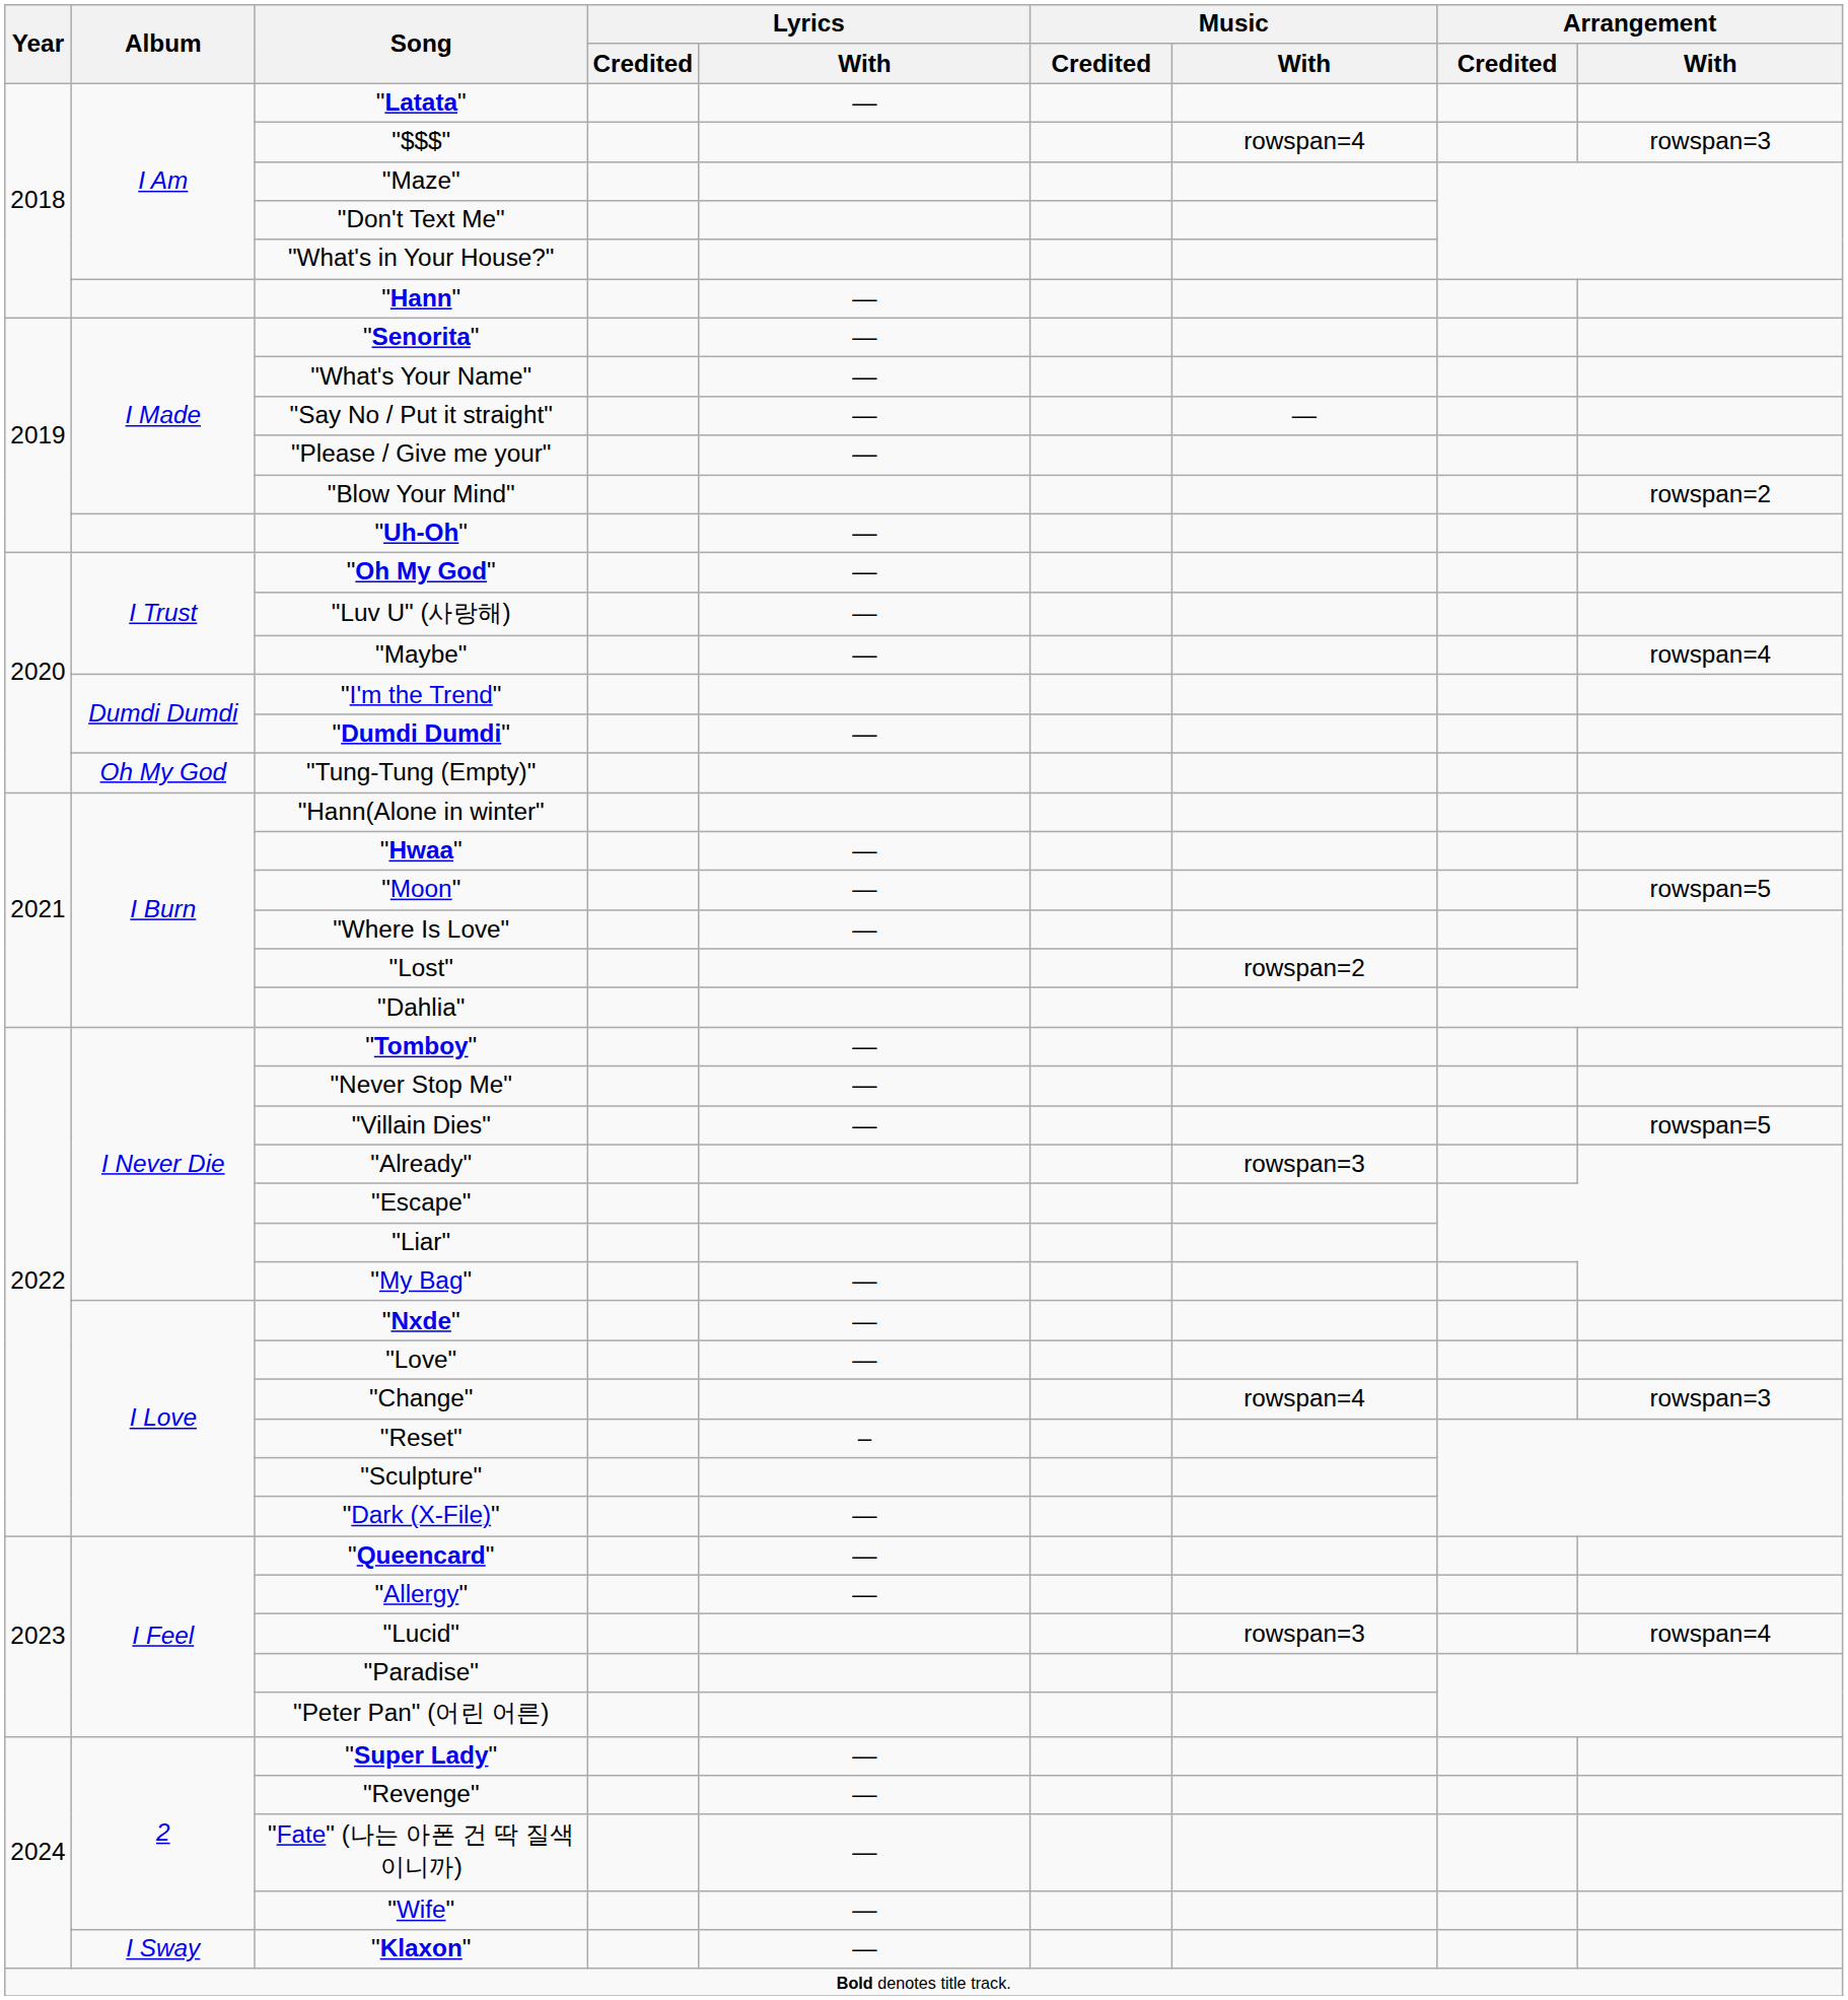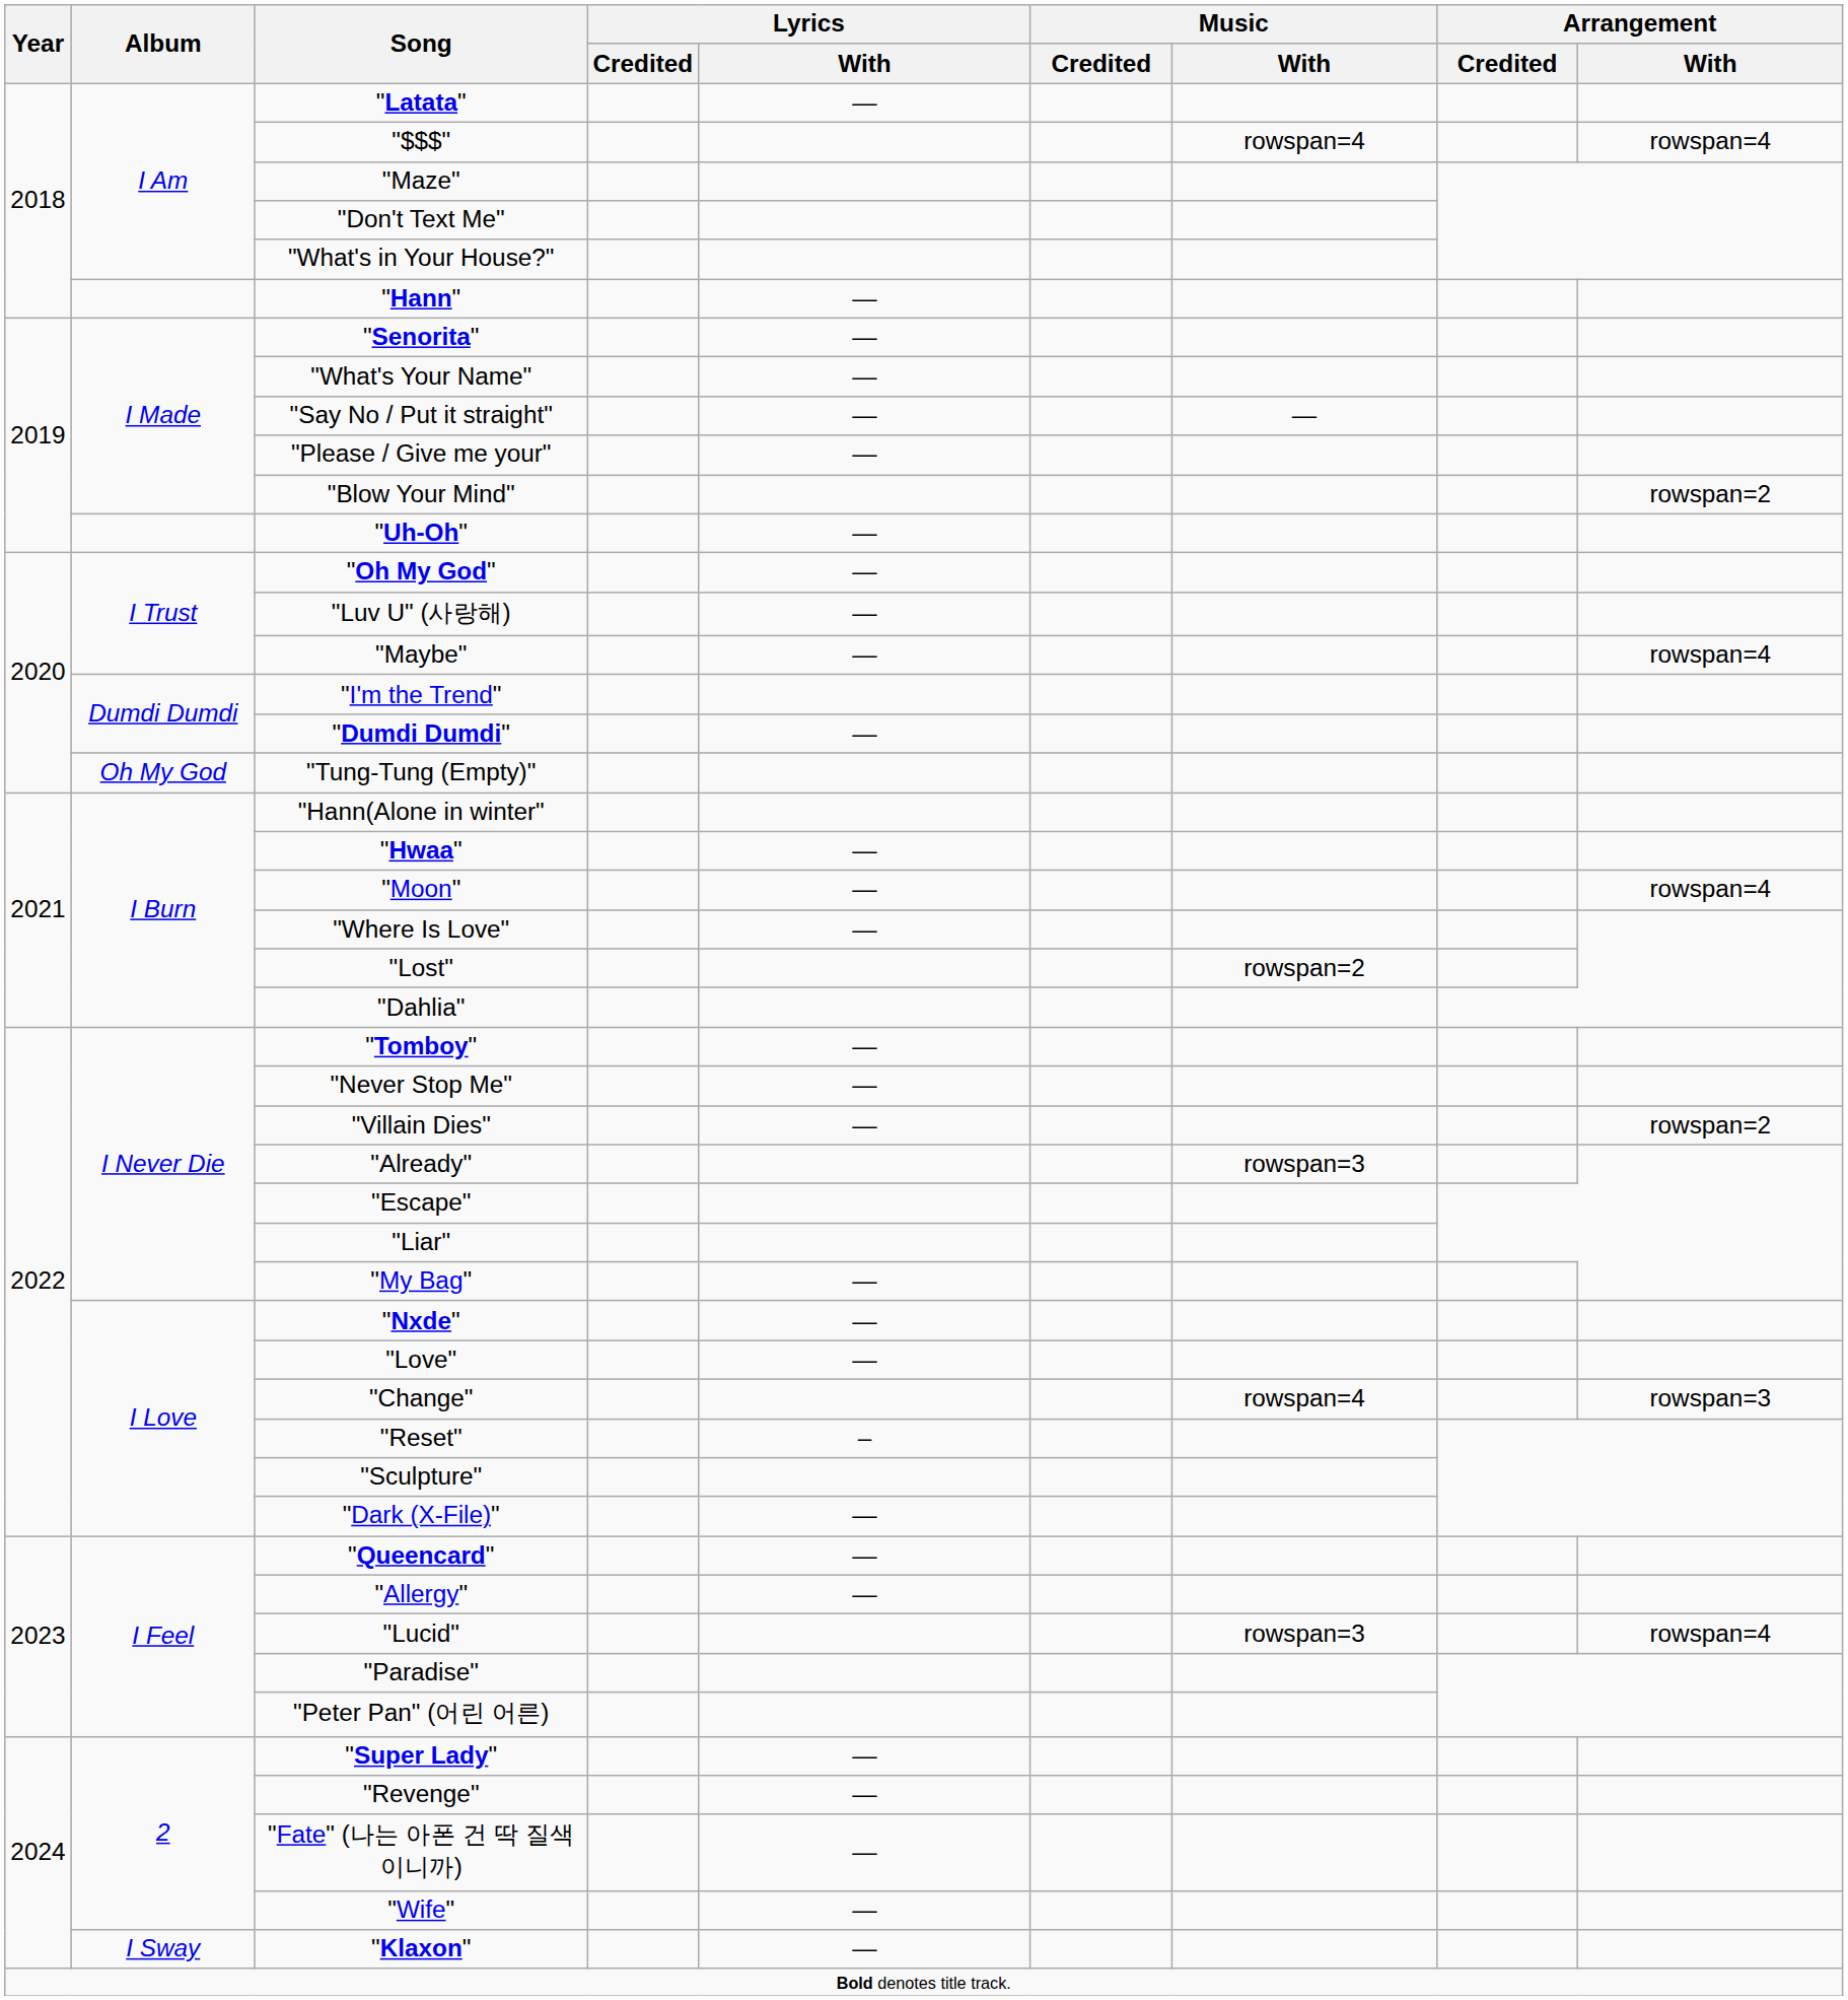 <table class="wikitable" style="text-align:center;">
 <tr>
 <th rowspan="2" style="width:2em;">Year</th>
 <th rowspan="2" style="width:7em;">Album</th>
 <th rowspan="2" style="width:13em;">Song</th>
 <th colspan="2" style="width:16em;">Lyrics</th>
 <th colspan="2" style="width:16em;">Music</th>
 <th colspan="2" style="width:16em;">Arrangement</th>
 </tr>
 <tr>
 <th style="width:4em;">Credited</th>
 <th style="width:13em;">With</th>
 <th style="width:4em;">Credited</th>
 <th style="width:8em;">With</th>
 <th style="width:4em;">Credited</th>
 <th style="width:8em;">With</th>
 </tr>
 <tr>
 <td rowspan=6>2018</td>
 <td rowspan=5><em><a href='#'>I Am</a></em></td>
 <td>"<strong><a href='#'>Latata</a></strong>"</td>
 <td></td>
 <td>—</td>
 <td></td>
 <td></td>
 <td></td>
 <td></td>
 </tr>
 <tr>
 <td>"$$$"</td>
 <td></td>
 <td></td>
 <td></td>
 <td>rowspan=4 </td>
 <td></td>
-<td>rowspan=3 </td>
+<td>rowspan=4 </td>
 </tr>
 <tr>
 <td>"Maze"</td>
 <td></td>
 <td></td>
 <td></td>
 <td></td>
 </tr>
 <tr>
 <td>"Don't Text Me"</td>
 <td></td>
 <td></td>
 <td></td>
 <td></td>
 </tr>
 <tr>
 <td>"What's in Your House?"</td>
 <td></td>
 <td></td>
 <td></td>
 <td></td>
 </tr>
 <tr>
 <td></td>
 <td>"<strong><a href='#'>Hann</a></strong>" </td>
 <td></td>
 <td>—</td>
 <td></td>
 <td></td>
 <td></td>
 <td></td>
 </tr>
 <tr>
 <td rowspan=6>2019</td>
 <td rowspan=5><em><a href='#'>I Made</a></em></td>
 <td>"<strong><a href='#'>Senorita</a></strong>"</td>
 <td></td>
 <td>—</td>
 <td></td>
 <td></td>
 <td></td>
 <td></td>
 </tr>
 <tr>
 <td>"What's Your Name"</td>
 <td></td>
 <td>—</td>
 <td></td>
 <td></td>
 <td></td>
 <td></td>
 </tr>
 <tr>
 <td>"Say No / Put it straight"</td>
 <td></td>
 <td>—</td>
 <td></td>
 <td>—</td>
 <td></td>
 <td></td>
 </tr>
 <tr>
 <td>"Please / Give me your"</td>
 <td></td>
 <td>—</td>
 <td></td>
 <td></td>
 <td></td>
 <td></td>
 </tr>
 <tr>
 <td>"Blow Your Mind"</td>
 <td></td>
 <td></td>
 <td></td>
 <td></td>
 <td></td>
 <td>rowspan=2 </td>
 </tr>
 <tr>
 <td></td>
 <td>"<strong><a href='#'>Uh-Oh</a></strong>"</td>
 <td></td>
 <td>—</td>
 <td></td>
 <td></td>
 <td></td>
 </tr>
 <tr>
 <td rowspan=6>2020</td>
 <td rowspan=3><em><a href='#'>I Trust</a></em></td>
 <td>"<strong><a href='#'>Oh My God</a></strong>"</td>
 <td></td>
 <td>—</td>
 <td></td>
 <td></td>
 <td></td>
 <td></td>
 </tr>
 <tr>
 <td>"Luv U" (사랑해)</td>
 <td></td>
 <td>—</td>
 <td></td>
 <td></td>
 <td></td>
 <td></td>
 </tr>
 <tr>
 <td>"Maybe"</td>
 <td></td>
 <td>—</td>
 <td></td>
 <td></td>
 <td></td>
 <td>rowspan=4 </td>
 </tr>
 <tr>
 <td rowspan=2><em><a href='#'>Dumdi Dumdi</a></em></td>
 <td>"<a href='#'>I'm the Trend</a>"</td>
 <td></td>
 <td></td>
 <td></td>
 <td></td>
 <td></td>
 </tr>
 <tr>
 <td>"<strong><a href='#'>Dumdi Dumdi</a></strong>"</td>
 <td></td>
 <td>—</td>
 <td></td>
 <td></td>
 <td></td>
 <td></td>
 </tr>
 <tr>
 <td><em><a href='#'>Oh My God</a></em></td>
 <td>"Tung-Tung (Empty)"</td>
 <td></td>
 <td></td>
 <td></td>
 <td></td>
 <td></td>
 <td></td>
 </tr>
 <tr>
 <td rowspan="6">2021</td>
 <td rowspan="6"><em><a href='#'>I Burn</a></em></td>
 <td>"Hann(Alone in winter" </td>
 <td></td>
 <td></td>
 <td></td>
 <td></td>
 <td></td>
 <td></td>
 </tr>
 <tr>
 <td>"<strong><a href='#'>Hwaa</a></strong>" </td>
 <td></td>
 <td>—</td>
 <td></td>
 <td></td>
 <td></td>
 <td></td>
 </tr>
 <tr>
 <td>"<a href='#'>Moon</a>"</td>
 <td></td>
 <td>—</td>
 <td></td>
 <td></td>
 <td></td>
-<td>rowspan=5 </td>
+<td>rowspan=4 </td>
 </tr>
 <tr>
 <td>"Where Is Love"</td>
 <td></td>
 <td>—</td>
 <td></td>
 <td></td>
 <td></td>
 </tr>
 <tr>
 <td>"Lost"</td>
 <td></td>
 <td></td>
 <td></td>
 <td>rowspan=2 </td>
 <td></td>
 </tr>
 <tr>
 <td>"Dahlia"</td>
 <td></td>
 <td></td>
 <td></td>
 <td></td>
 </tr>
 <tr>
 <td rowspan="13">2022</td>
 <td rowspan="7"><em><a href='#'>I Never Die</a></em></td>
 <td>"<strong><a href='#'>Tomboy</a></strong>"</td>
 <td></td>
 <td>—</td>
 <td></td>
 <td></td>
 <td></td>
 <td></td>
 </tr>
 <tr>
 <td>"Never Stop Me" </td>
 <td></td>
 <td>—</td>
 <td></td>
 <td></td>
 <td></td>
 <td></td>
 </tr>
 <tr>
 <td>"Villain Dies"</td>
 <td></td>
 <td>—</td>
 <td></td>
 <td></td>
 <td></td>
-<td>rowspan=5 </td>
+<td>rowspan=2 </td>
 </tr>
 <tr>
 <td>"Already"</td>
 <td></td>
 <td></td>
 <td></td>
 <td>rowspan=3 </td>
 <td></td>
 </tr>
 <tr>
 <td>"Escape"</td>
 <td></td>
 <td></td>
 <td></td>
 <td></td>
 </tr>
 <tr>
 <td>"Liar"</td>
 <td></td>
 <td></td>
 <td></td>
 <td></td>
 </tr>
 <tr>
 <td>"<a href='#'>My Bag</a>"</td>
 <td></td>
 <td>—</td>
 <td></td>
 <td></td>
 <td></td>
 </tr>
 <tr>
 <td rowspan="6"><em><a href='#'>I Love</a></em></td>
 <td>"<strong><a href='#'>Nxde</a></strong>"</td>
 <td></td>
 <td>—</td>
 <td></td>
 <td></td>
 <td></td>
 <td></td>
 </tr>
 <tr>
 <td>"Love"</td>
 <td></td>
 <td>—</td>
 <td></td>
 <td></td>
 <td></td>
 <td></td>
 </tr>
 <tr>
 <td>"Change"</td>
 <td></td>
 <td></td>
 <td></td>
 <td>rowspan=4 </td>
 <td></td>
 <td>rowspan=3 </td>
 </tr>
 <tr>
 <td>"Reset"</td>
 <td></td>
 <td>–</td>
 <td></td>
 <td></td>
 </tr>
 <tr>
 <td>"Sculpture"</td>
 <td></td>
 <td></td>
 <td></td>
 <td></td>
 </tr>
 <tr>
 <td>"<a href='#'>Dark (X-File)</a>"</td>
 <td></td>
 <td>—</td>
 <td></td>
 <td></td>
 </tr>
 <tr>
 <td rowspan="5">2023</td>
 <td rowspan="5"><em><a href='#'>I Feel</a></em></td>
 <td>"<strong><a href='#'>Queencard</a></strong>"</td>
 <td></td>
 <td>—</td>
 <td></td>
 <td></td>
 <td></td>
 <td></td>
 </tr>
 <tr>
 <td>"<a href='#'>Allergy</a>"</td>
 <td></td>
 <td>—</td>
 <td></td>
 <td></td>
 <td></td>
 <td></td>
 </tr>
 <tr>
 <td>"Lucid"</td>
 <td></td>
 <td></td>
 <td></td>
 <td>rowspan=3 </td>
 <td></td>
 <td>rowspan=4 </td>
 </tr>
 <tr>
 <td>"Paradise"</td>
 <td></td>
 <td></td>
 <td></td>
 <td></td>
 </tr>
 <tr>
 <td>"Peter Pan" (어린 어른)</td>
 <td></td>
 <td></td>
 <td></td>
 <td></td>
 </tr>
 <tr>
 <td rowspan="5">2024</td>
 <td rowspan="4"><em><a href='#'>2</a></em></td>
 <td>"<strong><a href='#'>Super Lady</a></strong>"</td>
 <td></td>
 <td>—</td>
 <td></td>
 <td></td>
 <td></td>
 <td></td>
 </tr>
 <tr>
 <td>"Revenge"</td>
 <td></td>
 <td>—</td>
 <td></td>
 <td></td>
 <td></td>
 <td></td>
 </tr>
 <tr>
 <td>"<a href='#'>Fate</a>" (나는 아폰 건 딱 질색이니까)</td>
 <td></td>
 <td>—</td>
 <td></td>
 <td></td>
 <td></td>
 <td></td>
 </tr>
 <tr>
 <td>"<a href='#'>Wife</a>"</td>
 <td></td>
 <td>—</td>
 <td></td>
 <td></td>
 <td></td>
 <td></td>
 </tr>
 <tr>
 <td><em><a href='#'>I Sway</a></em></td>
 <td>"<strong><a href='#'>Klaxon</a></strong>"</td>
 <td></td>
 <td>—</td>
 <td></td>
 <td></td>
 <td></td>
 <td></td>
 </tr>
 <tr>
 <td colspan="10" style="text-align:center; font-size:8pt;"><strong>Bold</strong> denotes title track.</td>
 </tr>
 </table>
